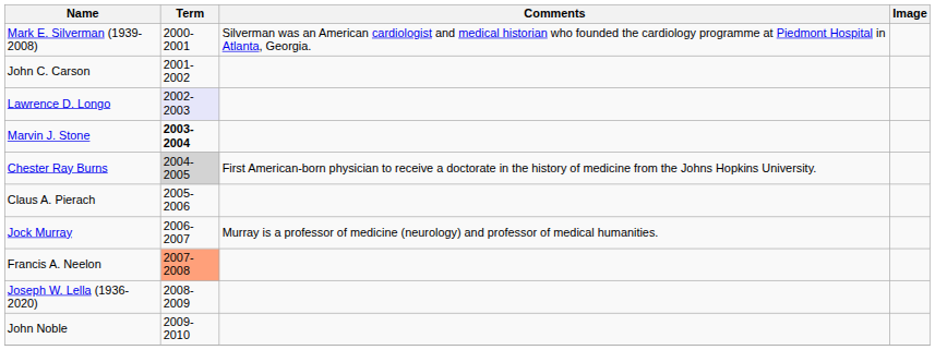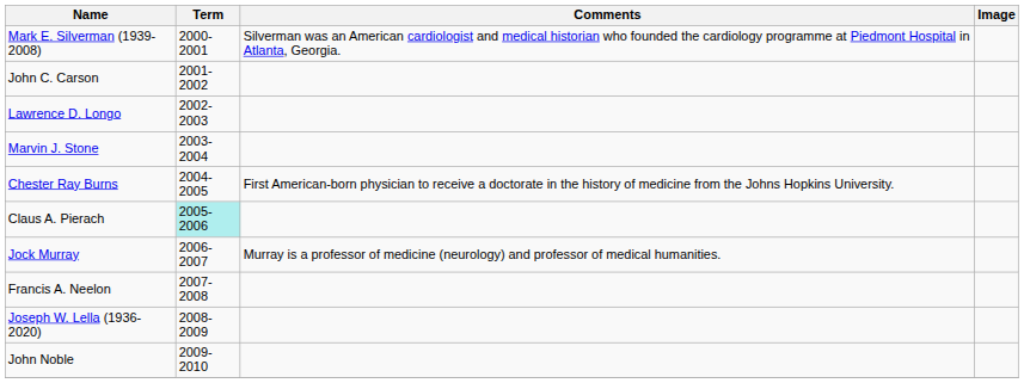 <table class="wikitable">
 <tr>
 <th>Name</th>
 <th>Term</th>
 <th>Comments</th>
 <th>Image</th>
 </tr>
 <tr>
 <td><a href='#'>Mark E. Silverman</a> (1939-2008)</td>
 <td>2000-2001</td>
 <td>Silverman was an American <a href='#'>cardiologist</a> and <a href='#'>medical historian</a> who founded the cardiology programme at <a href='#'>Piedmont Hospital</a> in <a href='#'>Atlanta</a>, Georgia.</td>
 <td></td>
 </tr>
 <tr>
 <td>John C. Carson</td>
 <td>2001-2002</td>
 <td></td>
 <td></td>
 </tr>
 <tr>
 <td><a href='#'>Lawrence D. Longo</a></td>
-<td style="background: lavender;">2002-2003</td>
+<td>2002-2003</td>
 <td></td>
 <td></td>
 </tr>
 <tr>
 <td><a href='#'>Marvin J. Stone</a></td>
-<td><strong>2003-2004</strong></td>
+<td>2003-2004</td>
 <td></td>
 <td></td>
 </tr>
 <tr>
 <td><a href='#'>Chester Ray Burns</a></td>
-<td style="background: lightgrey;">2004-2005</td>
+<td>2004-2005</td>
 <td>First American-born physician to receive a doctorate in the history of medicine from the Johns Hopkins University.</td>
 <td></td>
 </tr>
 <tr>
 <td>Claus A. Pierach</td>
-<td>2005-2006</td>
+<td style="background: paleturquoise;">2005-2006</td>
 <td></td>
 <td></td>
 </tr>
 <tr>
 <td><a href='#'>Jock Murray</a></td>
 <td>2006-2007</td>
 <td>Murray is a professor of medicine (neurology) and professor of medical humanities.</td>
 <td></td>
 </tr>
 <tr>
 <td>Francis A. Neelon</td>
-<td style="background: lightsalmon;">2007-2008</td>
+<td>2007-2008</td>
 <td></td>
 <td></td>
 </tr>
 <tr>
 <td><a href='#'>Joseph W. Lella</a> (1936-2020)</td>
 <td>2008-2009</td>
 <td></td>
 <td></td>
 </tr>
 <tr>
 <td>John Noble</td>
 <td>2009-2010</td>
 <td></td>
 <td></td>
 </tr>
 <tr>
 </tr>
 </table>
